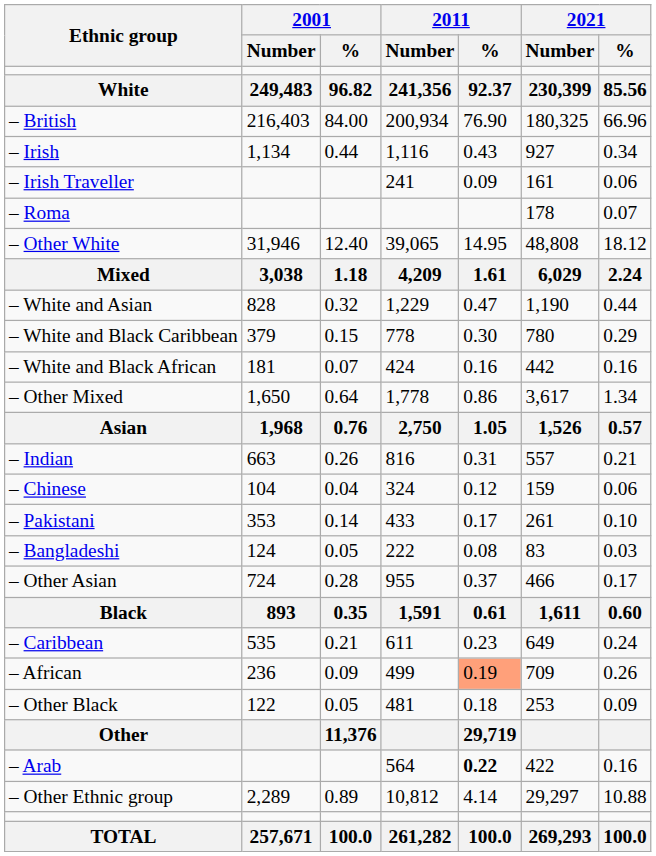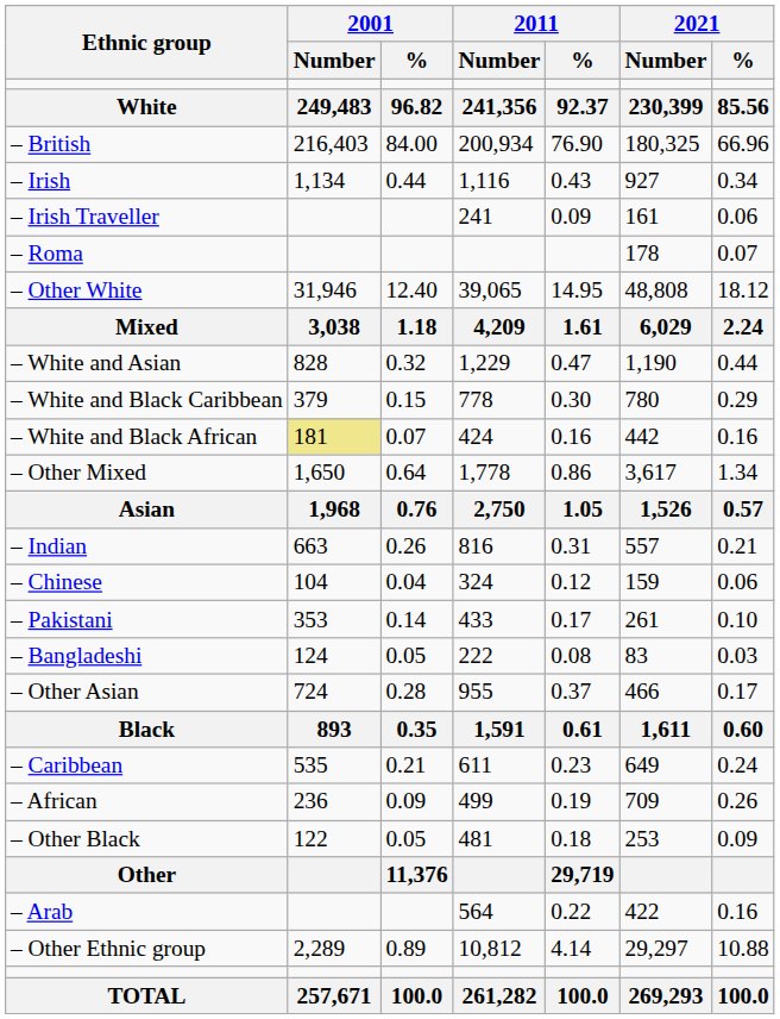 <table class="sortable wikitable">
 <tr>
 <th rowspan="2">Ethnic group</th>
 <th colspan="2"><a href='#'>2001</a></th>
 <th colspan="2"><a href='#'>2011</a></th>
 <th colspan="2"><a href='#'>2021</a></th>
 </tr>
 <tr>
 <th>Number</th>
 <th>%</th>
 <th>Number</th>
 <th>%</th>
 <th>Number</th>
 <th>%</th>
 </tr>
 <tr>
 <td></td>
 <td></td>
 <td></td>
 <td></td>
 <td></td>
 <td></td>
 </tr>
 <tr>
 <th align=left>White</th>
 <th>249,483</th>
 <th>96.82</th>
 <th>241,356</th>
 <th>92.37</th>
 <th>230,399</th>
 <th>85.56</th>
 </tr>
 <tr>
 <td align=left>– <a href='#'>British</a></td>
 <td>216,403</td>
 <td>84.00</td>
 <td>200,934</td>
 <td>76.90</td>
 <td>180,325</td>
 <td>66.96</td>
 </tr>
 <tr>
 <td align=left>– <a href='#'>Irish</a></td>
 <td>1,134</td>
 <td>0.44</td>
 <td>1,116</td>
 <td>0.43</td>
 <td>927</td>
 <td>0.34</td>
 </tr>
 <tr>
 <td align=left>– <a href='#'>Irish Traveller</a></td>
 <td></td>
 <td></td>
 <td>241</td>
 <td>0.09</td>
 <td>161</td>
 <td>0.06</td>
 </tr>
 <tr>
 <td align=left>– <a href='#'>Roma</a></td>
 <td></td>
 <td></td>
 <td></td>
 <td></td>
 <td>178</td>
 <td>0.07</td>
 </tr>
 <tr>
 <td align=left>– <a href='#'>Other White</a></td>
 <td>31,946</td>
 <td>12.40</td>
 <td>39,065</td>
 <td>14.95</td>
 <td>48,808</td>
 <td>18.12</td>
 </tr>
 <tr>
 <th align=left>Mixed</th>
 <th>3,038</th>
 <th>1.18</th>
 <th>4,209</th>
 <th>1.61</th>
 <th>6,029</th>
 <th>2.24</th>
 </tr>
 <tr>
 <td align=left>– White and Asian</td>
 <td>828</td>
 <td>0.32</td>
 <td>1,229</td>
 <td>0.47</td>
 <td>1,190</td>
 <td>0.44</td>
 </tr>
 <tr>
 <td align=left>– White and Black Caribbean</td>
 <td>379</td>
 <td>0.15</td>
 <td>778</td>
 <td>0.30</td>
 <td>780</td>
 <td>0.29</td>
 </tr>
 <tr>
 <td align=left>– White and Black African</td>
-<td>181</td>
+<td style="background: khaki;">181</td>
 <td>0.07</td>
 <td>424</td>
 <td>0.16</td>
 <td>442</td>
 <td>0.16</td>
 </tr>
 <tr>
 <td align=left>– Other Mixed</td>
 <td>1,650</td>
 <td>0.64</td>
 <td>1,778</td>
 <td>0.86</td>
 <td>3,617</td>
 <td>1.34</td>
 </tr>
 <tr>
 <th align=left>Asian</th>
 <th>1,968</th>
 <th>0.76</th>
 <th>2,750</th>
 <th>1.05</th>
 <th>1,526</th>
 <th>0.57</th>
 </tr>
 <tr>
 <td align=left>– <a href='#'>Indian</a></td>
 <td>663</td>
 <td>0.26</td>
 <td>816</td>
 <td>0.31</td>
 <td>557</td>
 <td>0.21</td>
 </tr>
 <tr>
 <td align=left>– <a href='#'>Chinese</a></td>
 <td>104</td>
 <td>0.04</td>
 <td>324</td>
 <td>0.12</td>
 <td>159</td>
 <td>0.06</td>
 </tr>
 <tr>
 <td align=left>– <a href='#'>Pakistani</a></td>
 <td>353</td>
 <td>0.14</td>
 <td>433</td>
 <td>0.17</td>
 <td>261</td>
 <td>0.10</td>
 </tr>
 <tr>
 <td align=left>– <a href='#'>Bangladeshi</a></td>
 <td>124</td>
 <td>0.05</td>
 <td>222</td>
 <td>0.08</td>
 <td>83</td>
 <td>0.03</td>
 </tr>
 <tr>
 <td align=left>– Other Asian</td>
 <td>724</td>
 <td>0.28</td>
 <td>955</td>
 <td>0.37</td>
 <td>466</td>
 <td>0.17</td>
 </tr>
 <tr>
 <th align=left>Black</th>
 <th>893</th>
 <th>0.35</th>
 <th>1,591</th>
 <th>0.61</th>
 <th>1,611</th>
 <th>0.60</th>
 </tr>
 <tr>
 <td align=left>– <a href='#'>Caribbean</a></td>
 <td>535</td>
 <td>0.21</td>
 <td>611</td>
 <td>0.23</td>
 <td>649</td>
 <td>0.24</td>
 </tr>
 <tr>
 <td align=left>– African</td>
 <td>236</td>
 <td>0.09</td>
 <td>499</td>
-<td style="background: lightsalmon;">0.19</td>
+<td>0.19</td>
 <td>709</td>
 <td>0.26</td>
 </tr>
 <tr>
 <td align=left>– Other Black</td>
 <td>122</td>
 <td>0.05</td>
 <td>481</td>
 <td>0.18</td>
 <td>253</td>
 <td>0.09</td>
 </tr>
 <tr>
 <th align=left>Other</th>
 <th></th>
 <th>11,376</th>
 <th></th>
 <th>29,719</th>
 <th></th>
 <th></th>
 </tr>
 <tr>
 <td align=left>– <a href='#'>Arab</a></td>
 <td></td>
 <td></td>
 <td>564</td>
-<td><strong>0.22</strong></td>
+<td>0.22</td>
 <td>422</td>
 <td>0.16</td>
 </tr>
 <tr>
 <td align=left>– Other Ethnic group</td>
 <td>2,289</td>
 <td>0.89</td>
 <td>10,812</td>
 <td>4.14</td>
 <td>29,297</td>
 <td>10.88</td>
 </tr>
 <tr>
 <td></td>
 <td></td>
 <td></td>
 <td></td>
 <td></td>
 <td></td>
 </tr>
 <tr>
 <th align=left>TOTAL</th>
 <th>257,671</th>
 <th>100.0</th>
 <th>261,282</th>
 <th>100.0</th>
 <th>269,293</th>
 <th>100.0</th>
 </tr>
 </table>
